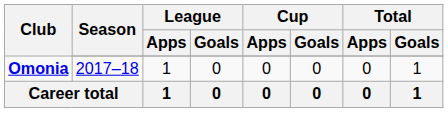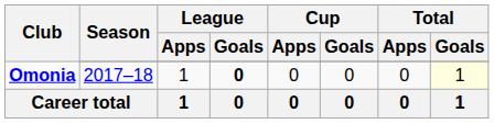 <table class="wikitable" style="text-align:center;">
 <tr>
 <th rowspan="2">Club</th>
 <th rowspan="2">Season</th>
 <th colspan="2">League</th>
 <th colspan="2">Cup</th>
 <th colspan="2">Total</th>
 </tr>
 <tr>
 <th>Apps</th>
 <th>Goals</th>
 <th>Apps</th>
 <th>Goals</th>
 <th>Apps</th>
 <th>Goals</th>
 </tr>
 <tr ||-||-||-|->
 <td rowspan="2" valign="center"><strong><a href='#'>Omonia</a></strong></td>
 </tr>
 <tr>
 <td><a href='#'>2017–18</a></td>
 <td>1</td>
+<td><strong>0</strong></td>
 <td>0</td>
 <td>0</td>
 <td>0</td>
-<td>0</td>
-<td>1</td>
+<td style="background: lightyellow;">1</td>
 </tr>
 <tr>
 <th colspan=2>Career total</th>
 <th>1</th>
 <th>0</th>
 <th>0</th>
 <th>0</th>
 <th>0</th>
 <th>1</th>
 </tr>
 </table>
